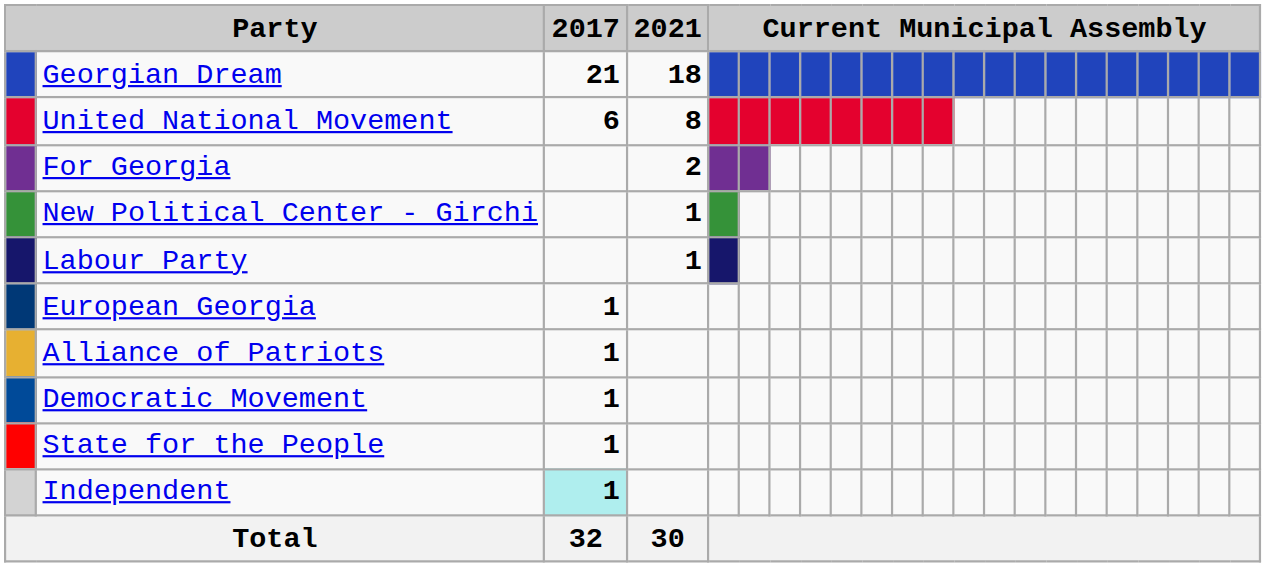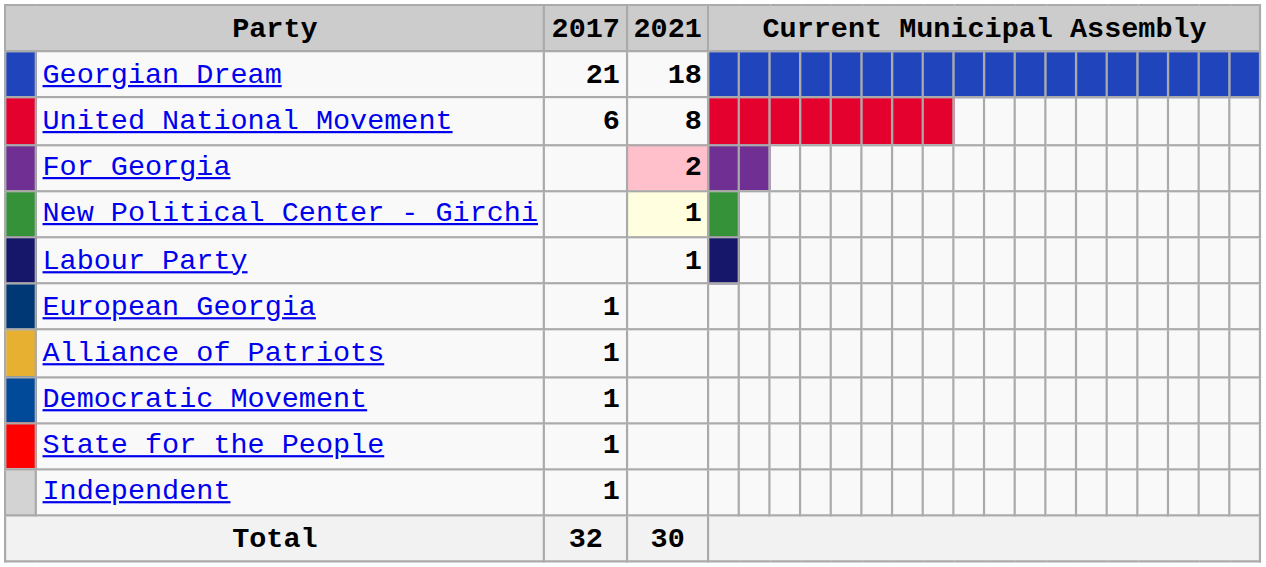 <table class="wikitable">
 <tr>
 <th style="background:#ccc" colspan="2">Party</th>
 <th style="background:#ccc">2017</th>
 <th style="background:#ccc">2021</th>
 <th style="background:#ccc" colspan="45">Current Municipal Assembly</th>
 </tr>
 <tr>
 <td style="background-color: #2044bc"> </td>
 <td><a href='#'>Georgian Dream</a></td>
 <td style="text-align: right"><strong>21</strong></td>
 <td style="text-align: right"><strong>18</strong></td>
 <td style="background-color: #2044bc"></td>
 <td style="background-color: #2044bc"> </td>
 <td style="background-color: #2044bc"> </td>
 <td style="background-color: #2044bc"> </td>
 <td style="background-color: #2044bc"> </td>
 <td style="background-color: #2044bc"> </td>
 <td style="background-color: #2044bc"> </td>
 <td style="background-color: #2044bc"> </td>
 <td style="background-color: #2044bc"> </td>
 <td style="background-color: #2044bc"> </td>
 <td style="background-color: #2044bc"> </td>
 <td style="background-color: #2044bc"> </td>
 <td style="background-color: #2044bc"> </td>
 <td style="background-color: #2044bc"> </td>
 <td style="background-color: #2044bc"> </td>
 <td style="background-color: #2044bc"> </td>
 <td style="background-color: #2044bc"> </td>
 <td style="background-color: #2044bc"> </td>
 </tr>
 <tr>
 <td style="background-color: #e4012e"> </td>
 <td><a href='#'>United National Movement</a></td>
 <td style="text-align: right"><strong>6</strong></td>
 <td style="text-align: right"><strong>8</strong></td>
 <td style="background-color: #e4012e"></td>
 <td style="background-color: #e4012e"> </td>
 <td style="background-color: #e4012e"> </td>
 <td style="background-color: #e4012e"> </td>
 <td style="background-color: #e4012e"> </td>
 <td style="background-color: #e4012e"> </td>
 <td style="background-color: #e4012e"> </td>
 <td style="background-color: #e4012e"> </td>
 <td></td>
 <td></td>
 <td></td>
 <td></td>
 <td></td>
 <td></td>
 <td></td>
 <td></td>
 <td></td>
 <td></td>
 </tr>
 <tr>
 <td style="background-color: #702F92"> </td>
 <td><a href='#'>For Georgia</a></td>
 <td></td>
-<td style="text-align: right"><strong>2</strong></td>
+<td style="background: pink; text-align: right"><strong>2</strong></td>
 <td style="background-color: #702f92"></td>
 <td style="background-color: #702f92"> </td>
 <td></td>
 <td></td>
 <td></td>
 <td></td>
 <td></td>
 <td></td>
 <td></td>
 <td></td>
 <td></td>
 <td></td>
 <td></td>
 <td></td>
 <td></td>
 <td></td>
 <td></td>
 <td></td>
 </tr>
 <tr>
 <td style="background-color: #359239"> </td>
 <td><a href='#'>New Political Center - Girchi</a></td>
 <td></td>
-<td style="text-align: right"><strong>1</strong></td>
+<td style="background: lightyellow; text-align: right"><strong>1</strong></td>
 <td style="background-color: #359239"> </td>
 <td></td>
 <td></td>
 <td></td>
 <td></td>
 <td></td>
 <td></td>
 <td></td>
 <td></td>
 <td></td>
 <td></td>
 <td></td>
 <td></td>
 <td></td>
 <td></td>
 <td></td>
 <td></td>
 <td></td>
 </tr>
 <tr>
 <td style="background-color: #16166b"> </td>
 <td><a href='#'>Labour Party</a></td>
 <td></td>
 <td style="text-align: right"><strong>1</strong></td>
 <td style="background-color: #16166b"> </td>
 <td></td>
 <td></td>
 <td></td>
 <td></td>
 <td></td>
 <td></td>
 <td></td>
 <td></td>
 <td></td>
 <td></td>
 <td></td>
 <td></td>
 <td></td>
 <td></td>
 <td></td>
 <td></td>
 <td></td>
 </tr>
 <tr>
 <td style="background-color: #003876"> </td>
 <td><a href='#'>European Georgia</a></td>
 <td style="text-align: right"><strong>1</strong></td>
 <td></td>
 <td></td>
 <td></td>
 <td></td>
 <td></td>
 <td></td>
 <td></td>
 <td></td>
 <td></td>
 <td></td>
 <td></td>
 <td></td>
 <td></td>
 <td></td>
 <td></td>
 <td></td>
 <td></td>
 <td></td>
 <td></td>
 </tr>
 <tr>
 <td style="background-color: #e7b031"> </td>
 <td><a href='#'>Alliance of Patriots</a></td>
 <td style="text-align: right"><strong>1</strong></td>
 <td></td>
 <td></td>
 <td></td>
 <td></td>
 <td></td>
 <td></td>
 <td></td>
 <td></td>
 <td></td>
 <td></td>
 <td></td>
 <td></td>
 <td></td>
 <td></td>
 <td></td>
 <td></td>
 <td></td>
 <td></td>
 <td></td>
 </tr>
 <tr>
 <td style="background-color: #004a99"> </td>
 <td><a href='#'>Democratic Movement</a></td>
 <td style="text-align: right"><strong>1</strong></td>
 <td></td>
 <td></td>
 <td></td>
 <td></td>
 <td></td>
 <td></td>
 <td></td>
 <td></td>
 <td></td>
 <td></td>
 <td></td>
 <td></td>
 <td></td>
 <td></td>
 <td></td>
 <td></td>
 <td></td>
 <td></td>
 <td></td>
 </tr>
 <tr>
 <td style="background-color: red"> </td>
 <td><a href='#'>State for the People</a></td>
 <td style="text-align: right"><strong>1</strong></td>
 <td></td>
 <td></td>
 <td></td>
 <td></td>
 <td></td>
 <td></td>
 <td></td>
 <td></td>
 <td></td>
 <td></td>
 <td></td>
 <td></td>
 <td></td>
 <td></td>
 <td></td>
 <td></td>
 <td></td>
 <td></td>
 <td></td>
 </tr>
 <tr>
 <td style="background-color: lightgrey"> </td>
 <td><a href='#'>Independent</a></td>
-<td style="background: paleturquoise; text-align: right"><strong>1</strong></td>
+<td style="text-align: right"><strong>1</strong></td>
 <td></td>
 <td></td>
 <td></td>
 <td></td>
 <td></td>
 <td></td>
 <td></td>
 <td></td>
 <td></td>
 <td></td>
 <td></td>
 <td></td>
 <td></td>
 <td></td>
 <td></td>
 <td></td>
 <td></td>
 <td></td>
 <td></td>
 </tr>
 <tr>
 <th colspan=2>Total</th>
 <th align=right>32</th>
 <th align=right>30</th>
 <th colspan=45> </th>
 </tr>
 </table>
